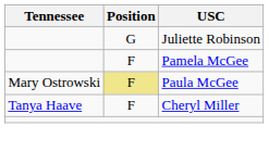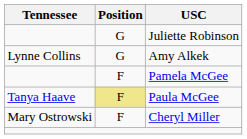 <table class="wikitable">
 <tr>
 <th>Tennessee</th>
 <th>Position</th>
 <th>USC</th>
 </tr>
 <tr>
 <td></td>
 <td style="text-align:center">G</td>
 <td>Juliette Robinson</td>
 </tr>
 <tr>
+<td>Lynne Collins</td>
+<td style="text-align:center">G</td>
+<td>Amy Alkek</td>
+</tr>
+<tr>
 <td></td>
 <td style="text-align:center">F</td>
 <td><a href='#'>Pamela McGee</a></td>
 </tr>
 <tr>
-<td>Mary Ostrowski</td>
+<td><a href='#'>Tanya Haave</a></td>
 <td style="background: khaki; text-align:center">F</td>
 <td><a href='#'>Paula McGee</a></td>
 </tr>
 <tr>
-<td><a href='#'>Tanya Haave</a></td>
+<td>Mary Ostrowski</td>
 <td style="text-align:center">F</td>
 <td><a href='#'>Cheryl Miller</a></td>
 </tr>
 <tr>
 <td style="text-align:center" colspan=3></td>
 </tr>
 </table>
